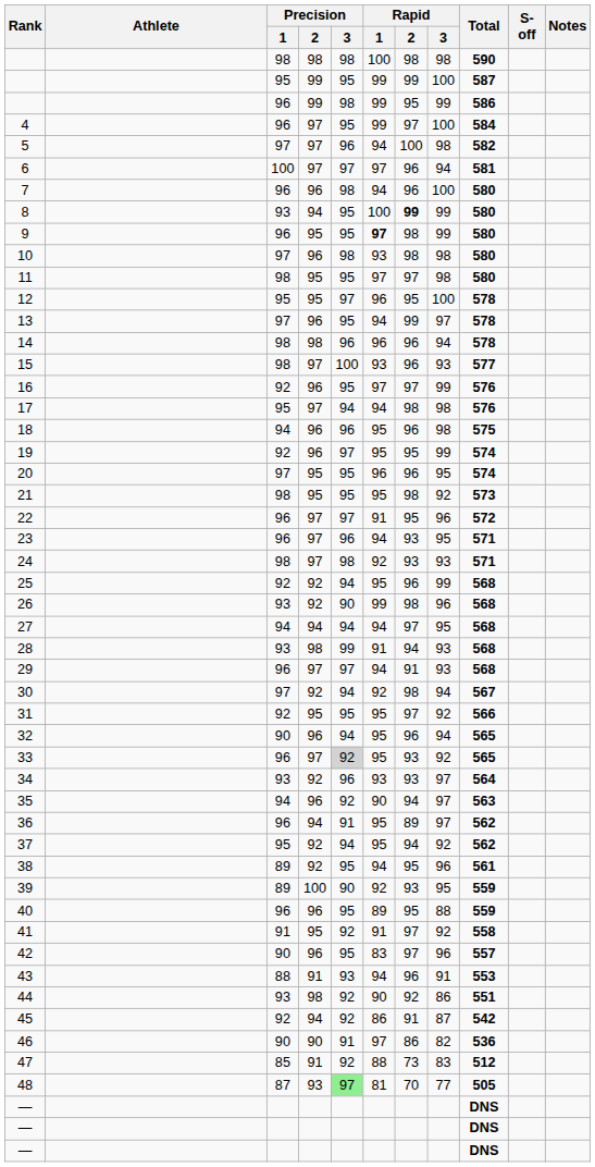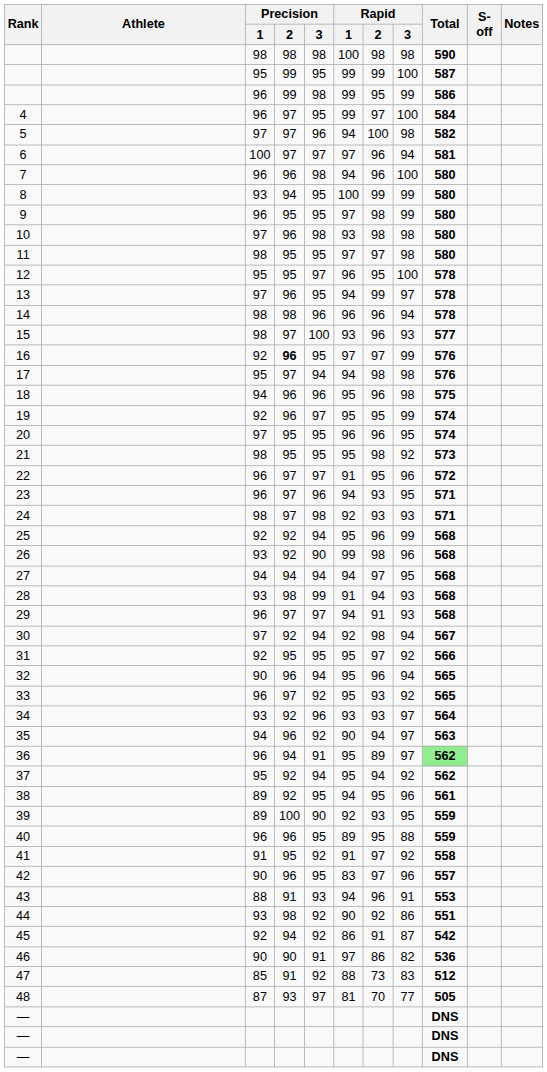 <table class="wikitable" style="text-align:center">
 <tr>
 <th rowspan=2 width=40>Rank</th>
 <th rowspan=2 width=250>Athlete</th>
 <th colspan=3>Precision</th>
 <th colspan=3>Rapid</th>
 <th rowspan=2 width=50>Total</th>
 <th rowspan=2 width=35>S-off</th>
 <th rowspan=2 width=45>Notes</th>
 </tr>
 <tr>
 <th width=30>1</th>
 <th width=30>2</th>
 <th width=30>3</th>
 <th width=30>1</th>
 <th width=30>2</th>
 <th width=30>3</th>
 </tr>
 <tr>
 <td></td>
 <td align=left></td>
 <td>98</td>
 <td>98</td>
 <td>98</td>
 <td>100</td>
 <td>98</td>
 <td>98</td>
 <td><strong>590</strong></td>
 <td></td>
 <td></td>
 </tr>
 <tr>
 <td></td>
 <td align=left></td>
 <td>95</td>
 <td>99</td>
 <td>95</td>
 <td>99</td>
 <td>99</td>
 <td>100</td>
 <td><strong>587</strong></td>
 <td></td>
 <td></td>
 </tr>
 <tr>
 <td></td>
 <td align=left></td>
 <td>96</td>
 <td>99</td>
 <td>98</td>
 <td>99</td>
 <td>95</td>
 <td>99</td>
 <td><strong>586</strong></td>
 <td></td>
 <td></td>
 </tr>
 <tr>
 <td>4</td>
 <td align=left></td>
 <td>96</td>
 <td>97</td>
 <td>95</td>
 <td>99</td>
 <td>97</td>
 <td>100</td>
 <td><strong>584</strong></td>
 <td></td>
 <td></td>
 </tr>
 <tr>
 <td>5</td>
 <td align=left></td>
 <td>97</td>
 <td>97</td>
 <td>96</td>
 <td>94</td>
 <td>100</td>
 <td>98</td>
 <td><strong>582</strong></td>
 <td></td>
 <td></td>
 </tr>
 <tr>
 <td>6</td>
 <td align=left></td>
 <td>100</td>
 <td>97</td>
 <td>97</td>
 <td>97</td>
 <td>96</td>
 <td>94</td>
 <td><strong>581</strong></td>
 <td></td>
 <td></td>
 </tr>
 <tr>
 <td>7</td>
 <td align=left></td>
 <td>96</td>
 <td>96</td>
 <td>98</td>
 <td>94</td>
 <td>96</td>
 <td>100</td>
 <td><strong>580</strong></td>
 <td></td>
 <td></td>
 </tr>
 <tr>
 <td>8</td>
 <td align=left></td>
 <td>93</td>
 <td>94</td>
 <td>95</td>
 <td>100</td>
-<td><strong>99</strong></td>
+<td>99</td>
 <td>99</td>
 <td><strong>580</strong></td>
 <td></td>
 <td></td>
 </tr>
 <tr>
 <td>9</td>
 <td align=left></td>
 <td>96</td>
 <td>95</td>
 <td>95</td>
-<td><strong>97</strong></td>
+<td>97</td>
 <td>98</td>
 <td>99</td>
 <td><strong>580</strong></td>
 <td></td>
 <td></td>
 </tr>
 <tr>
 <td>10</td>
 <td align=left></td>
 <td>97</td>
 <td>96</td>
 <td>98</td>
 <td>93</td>
 <td>98</td>
 <td>98</td>
 <td><strong>580</strong></td>
 <td></td>
 <td></td>
 </tr>
 <tr>
 <td>11</td>
 <td align=left></td>
 <td>98</td>
 <td>95</td>
 <td>95</td>
 <td>97</td>
 <td>97</td>
 <td>98</td>
 <td><strong>580</strong></td>
 <td></td>
 <td></td>
 </tr>
 <tr>
 <td>12</td>
 <td align=left></td>
 <td>95</td>
 <td>95</td>
 <td>97</td>
 <td>96</td>
 <td>95</td>
 <td>100</td>
 <td><strong>578</strong></td>
 <td></td>
 <td></td>
 </tr>
 <tr>
 <td>13</td>
 <td align=left></td>
 <td>97</td>
 <td>96</td>
 <td>95</td>
 <td>94</td>
 <td>99</td>
 <td>97</td>
 <td><strong>578</strong></td>
 <td></td>
 <td></td>
 </tr>
 <tr>
 <td>14</td>
 <td align=left></td>
 <td>98</td>
 <td>98</td>
 <td>96</td>
 <td>96</td>
 <td>96</td>
 <td>94</td>
 <td><strong>578</strong></td>
 <td></td>
 <td></td>
 </tr>
 <tr>
 <td>15</td>
 <td align=left></td>
 <td>98</td>
 <td>97</td>
 <td>100</td>
 <td>93</td>
 <td>96</td>
 <td>93</td>
 <td><strong>577</strong></td>
 <td></td>
 <td></td>
 </tr>
 <tr>
 <td>16</td>
 <td align=left></td>
 <td>92</td>
-<td>96</td>
+<td><strong>96</strong></td>
 <td>95</td>
 <td>97</td>
 <td>97</td>
 <td>99</td>
 <td><strong>576</strong></td>
 <td></td>
 <td></td>
 </tr>
 <tr>
 <td>17</td>
 <td align=left></td>
 <td>95</td>
 <td>97</td>
 <td>94</td>
 <td>94</td>
 <td>98</td>
 <td>98</td>
 <td><strong>576</strong></td>
 <td></td>
 <td></td>
 </tr>
 <tr>
 <td>18</td>
 <td align=left></td>
 <td>94</td>
 <td>96</td>
 <td>96</td>
 <td>95</td>
 <td>96</td>
 <td>98</td>
 <td><strong>575</strong></td>
 <td></td>
 <td></td>
 </tr>
 <tr>
 <td>19</td>
 <td align=left></td>
 <td>92</td>
 <td>96</td>
 <td>97</td>
 <td>95</td>
 <td>95</td>
 <td>99</td>
 <td><strong>574</strong></td>
 <td></td>
 <td></td>
 </tr>
 <tr>
 <td>20</td>
 <td align=left></td>
 <td>97</td>
 <td>95</td>
 <td>95</td>
 <td>96</td>
 <td>96</td>
 <td>95</td>
 <td><strong>574</strong></td>
 <td></td>
 <td></td>
 </tr>
 <tr>
 <td>21</td>
 <td align=left></td>
 <td>98</td>
 <td>95</td>
 <td>95</td>
 <td>95</td>
 <td>98</td>
 <td>92</td>
 <td><strong>573</strong></td>
 <td></td>
 <td></td>
 </tr>
 <tr>
 <td>22</td>
 <td align=left></td>
 <td>96</td>
 <td>97</td>
 <td>97</td>
 <td>91</td>
 <td>95</td>
 <td>96</td>
 <td><strong>572</strong></td>
 <td></td>
 <td></td>
 </tr>
 <tr>
 <td>23</td>
 <td align=left></td>
 <td>96</td>
 <td>97</td>
 <td>96</td>
 <td>94</td>
 <td>93</td>
 <td>95</td>
 <td><strong>571</strong></td>
 <td></td>
 <td></td>
 </tr>
 <tr>
 <td>24</td>
 <td align=left></td>
 <td>98</td>
 <td>97</td>
 <td>98</td>
 <td>92</td>
 <td>93</td>
 <td>93</td>
 <td><strong>571</strong></td>
 <td></td>
 <td></td>
 </tr>
 <tr>
 <td>25</td>
 <td align=left></td>
 <td>92</td>
 <td>92</td>
 <td>94</td>
 <td>95</td>
 <td>96</td>
 <td>99</td>
 <td><strong>568</strong></td>
 <td></td>
 <td></td>
 </tr>
 <tr>
 <td>26</td>
 <td align=left></td>
 <td>93</td>
 <td>92</td>
 <td>90</td>
 <td>99</td>
 <td>98</td>
 <td>96</td>
 <td><strong>568</strong></td>
 <td></td>
 <td></td>
 </tr>
 <tr>
 <td>27</td>
 <td align=left></td>
 <td>94</td>
 <td>94</td>
 <td>94</td>
 <td>94</td>
 <td>97</td>
 <td>95</td>
 <td><strong>568</strong></td>
 <td></td>
 <td></td>
 </tr>
 <tr>
 <td>28</td>
 <td align=left></td>
 <td>93</td>
 <td>98</td>
 <td>99</td>
 <td>91</td>
 <td>94</td>
 <td>93</td>
 <td><strong>568</strong></td>
 <td></td>
 <td></td>
 </tr>
 <tr>
 <td>29</td>
 <td align=left></td>
 <td>96</td>
 <td>97</td>
 <td>97</td>
 <td>94</td>
 <td>91</td>
 <td>93</td>
 <td><strong>568</strong></td>
 <td></td>
 <td></td>
 </tr>
 <tr>
 <td>30</td>
 <td align=left></td>
 <td>97</td>
 <td>92</td>
 <td>94</td>
 <td>92</td>
 <td>98</td>
 <td>94</td>
 <td><strong>567</strong></td>
 <td></td>
 <td></td>
 </tr>
 <tr>
 <td>31</td>
 <td align=left></td>
 <td>92</td>
 <td>95</td>
 <td>95</td>
 <td>95</td>
 <td>97</td>
 <td>92</td>
 <td><strong>566</strong></td>
 <td></td>
 <td></td>
 </tr>
 <tr>
 <td>32</td>
 <td align=left></td>
 <td>90</td>
 <td>96</td>
 <td>94</td>
 <td>95</td>
 <td>96</td>
 <td>94</td>
 <td><strong>565</strong></td>
 <td></td>
 <td></td>
 </tr>
 <tr>
 <td>33</td>
 <td align=left></td>
 <td>96</td>
 <td>97</td>
-<td style="background: lightgrey;">92</td>
+<td>92</td>
 <td>95</td>
 <td>93</td>
 <td>92</td>
 <td><strong>565</strong></td>
 <td></td>
 <td></td>
 </tr>
 <tr>
 <td>34</td>
 <td align=left></td>
 <td>93</td>
 <td>92</td>
 <td>96</td>
 <td>93</td>
 <td>93</td>
 <td>97</td>
 <td><strong>564</strong></td>
 <td></td>
 <td></td>
 </tr>
 <tr>
 <td>35</td>
 <td align=left></td>
 <td>94</td>
 <td>96</td>
 <td>92</td>
 <td>90</td>
 <td>94</td>
 <td>97</td>
 <td><strong>563</strong></td>
 <td></td>
 <td></td>
 </tr>
 <tr>
 <td>36</td>
 <td align=left></td>
 <td>96</td>
 <td>94</td>
 <td>91</td>
 <td>95</td>
 <td>89</td>
 <td>97</td>
-<td><strong>562</strong></td>
+<td style="background: lightgreen;"><strong>562</strong></td>
 <td></td>
 <td></td>
 </tr>
 <tr>
 <td>37</td>
 <td align=left></td>
 <td>95</td>
 <td>92</td>
 <td>94</td>
 <td>95</td>
 <td>94</td>
 <td>92</td>
 <td><strong>562</strong></td>
 <td></td>
 <td></td>
 </tr>
 <tr>
 <td>38</td>
 <td align=left></td>
 <td>89</td>
 <td>92</td>
 <td>95</td>
 <td>94</td>
 <td>95</td>
 <td>96</td>
 <td><strong>561</strong></td>
 <td></td>
 <td></td>
 </tr>
 <tr>
 <td>39</td>
 <td align=left></td>
 <td>89</td>
 <td>100</td>
 <td>90</td>
 <td>92</td>
 <td>93</td>
 <td>95</td>
 <td><strong>559</strong></td>
 <td></td>
 <td></td>
 </tr>
 <tr>
 <td>40</td>
 <td align=left></td>
 <td>96</td>
 <td>96</td>
 <td>95</td>
 <td>89</td>
 <td>95</td>
 <td>88</td>
 <td><strong>559</strong></td>
 <td></td>
 <td></td>
 </tr>
 <tr>
 <td>41</td>
 <td align=left></td>
 <td>91</td>
 <td>95</td>
 <td>92</td>
 <td>91</td>
 <td>97</td>
 <td>92</td>
 <td><strong>558</strong></td>
 <td></td>
 <td></td>
 </tr>
 <tr>
 <td>42</td>
 <td align=left></td>
 <td>90</td>
 <td>96</td>
 <td>95</td>
 <td>83</td>
 <td>97</td>
 <td>96</td>
 <td><strong>557</strong></td>
 <td></td>
 <td></td>
 </tr>
 <tr>
 <td>43</td>
 <td align=left></td>
 <td>88</td>
 <td>91</td>
 <td>93</td>
 <td>94</td>
 <td>96</td>
 <td>91</td>
 <td><strong>553</strong></td>
 <td></td>
 <td></td>
 </tr>
 <tr>
 <td>44</td>
 <td align=left></td>
 <td>93</td>
 <td>98</td>
 <td>92</td>
 <td>90</td>
 <td>92</td>
 <td>86</td>
 <td><strong>551</strong></td>
 <td></td>
 <td></td>
 </tr>
 <tr>
 <td>45</td>
 <td align=left></td>
 <td>92</td>
 <td>94</td>
 <td>92</td>
 <td>86</td>
 <td>91</td>
 <td>87</td>
 <td><strong>542</strong></td>
 <td></td>
 <td></td>
 </tr>
 <tr>
 <td>46</td>
 <td align=left></td>
 <td>90</td>
 <td>90</td>
 <td>91</td>
 <td>97</td>
 <td>86</td>
 <td>82</td>
 <td><strong>536</strong></td>
 <td></td>
 <td></td>
 </tr>
 <tr>
 <td>47</td>
 <td align=left></td>
 <td>85</td>
 <td>91</td>
 <td>92</td>
 <td>88</td>
 <td>73</td>
 <td>83</td>
 <td><strong>512</strong></td>
 <td></td>
 <td></td>
 </tr>
 <tr>
 <td>48</td>
 <td align=left></td>
 <td>87</td>
 <td>93</td>
-<td style="background: lightgreen;">97</td>
+<td>97</td>
 <td>81</td>
 <td>70</td>
 <td>77</td>
 <td><strong>505</strong></td>
 <td></td>
 <td></td>
 </tr>
 <tr>
 <td>—</td>
 <td align=left></td>
 <td></td>
 <td></td>
 <td></td>
 <td></td>
 <td></td>
 <td></td>
 <td><strong>DNS</strong></td>
 <td></td>
 <td></td>
 </tr>
 <tr>
 <td>—</td>
 <td align=left></td>
 <td></td>
 <td></td>
 <td></td>
 <td></td>
 <td></td>
 <td></td>
 <td><strong>DNS</strong></td>
 <td></td>
 <td></td>
 </tr>
 <tr>
 <td>—</td>
 <td align=left></td>
 <td></td>
 <td></td>
 <td></td>
 <td></td>
 <td></td>
 <td></td>
 <td><strong>DNS</strong></td>
 <td></td>
 <td></td>
 </tr>
 </table>
